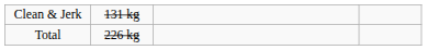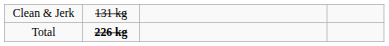 <table class = "wikitable" style="text-align:center;">
 <tr>
 <td width=100>Clean & Jerk</td>
 <td width=70><s>131 kg</s></td>
 <td width=250 align=left><s></s></td>
 <td width=70><s></s></td>
 </tr>
 <tr>
 <td>Total</td>
-<td><s>226 kg</s></td>
+<td><strong><s>226 kg</s></strong></td>
 <td align=left><s></s></td>
 <td><s></s></td>
 </tr>
 </table>
